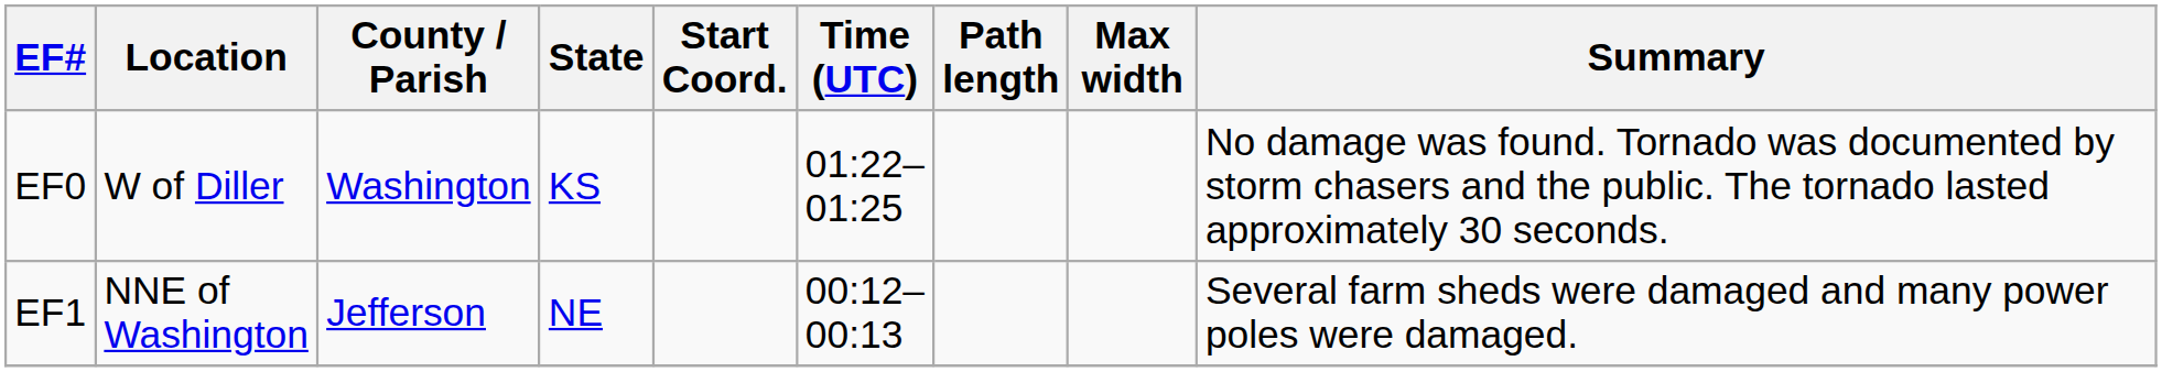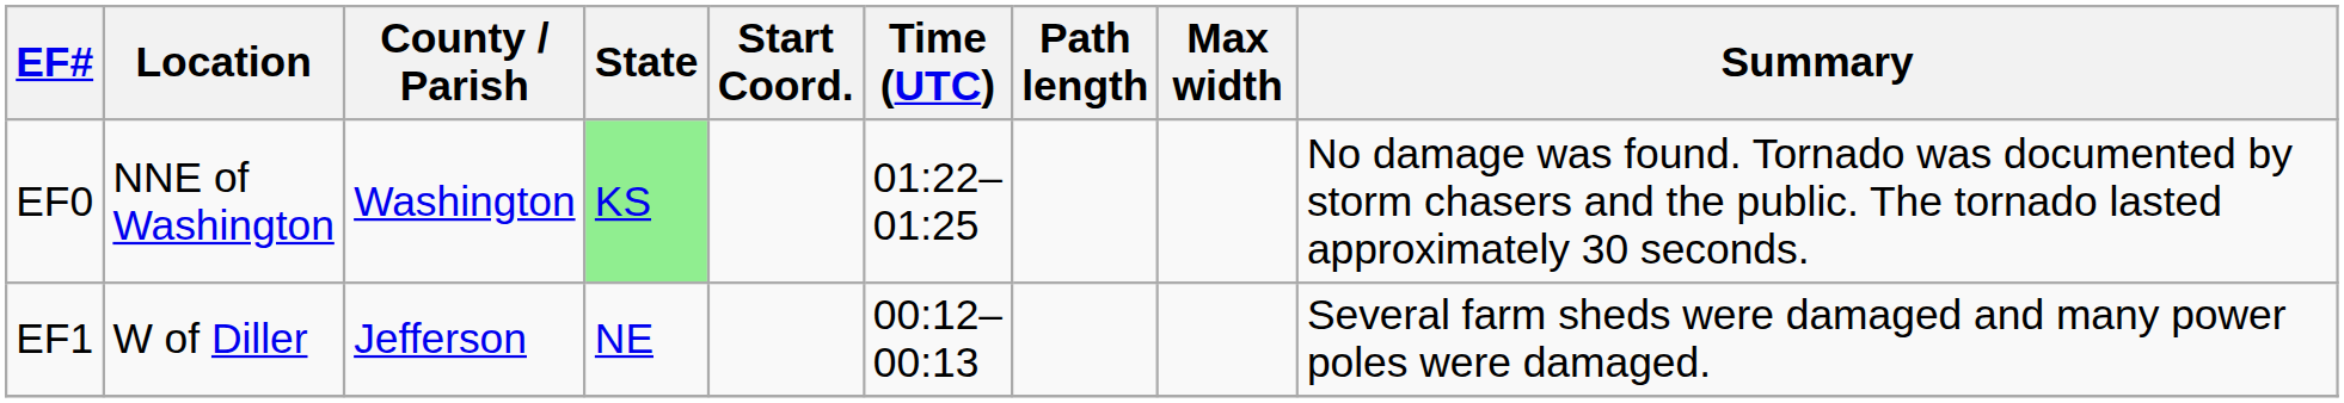 <table class="wikitable sortable" style="width:100%;">
 <tr>
 <th scope="col" width="3%" align="center"><a href='#'>EF#</a></th>
 <th scope="col" width="7%" align="center" class="unsortable">Location</th>
 <th scope="col" width="6%" align="center" class="unsortable">County / Parish</th>
 <th scope="col" width="5%" align="center">State</th>
 <th scope="col" width="6%" align="center">Start Coord.</th>
 <th scope="col" width="6%" align="center">Time (<a href='#'>UTC</a>)</th>
 <th scope="col" width="6%" align="center">Path length</th>
 <th scope="col" width="6%" align="center">Max width</th>
 <th scope="col" width="48%" class="unsortable" align="center">Summary</th>
 </tr>
 <tr>
 <td>EF0</td>
-<td>W of <a href='#'>Diller</a></td>
+<td>NNE of <a href='#'>Washington</a></td>
 <td><a href='#'>Washington</a></td>
-<td><a href='#'>KS</a></td>
+<td style="background: lightgreen;"><a href='#'>KS</a></td>
 <td></td>
 <td>01:22–01:25</td>
 <td></td>
 <td></td>
 <td>No damage was found. Tornado was documented by storm chasers and the public. The tornado lasted approximately 30 seconds.</td>
 </tr>
 <tr>
 <td>EF1</td>
-<td>NNE of <a href='#'>Washington</a></td>
+<td>W of <a href='#'>Diller</a></td>
 <td><a href='#'>Jefferson</a></td>
 <td><a href='#'>NE</a></td>
 <td></td>
 <td>00:12–00:13</td>
 <td></td>
 <td></td>
 <td>Several farm sheds were damaged and many power poles were damaged.</td>
 </tr>
 <tr>
 </tr>
 </table>
